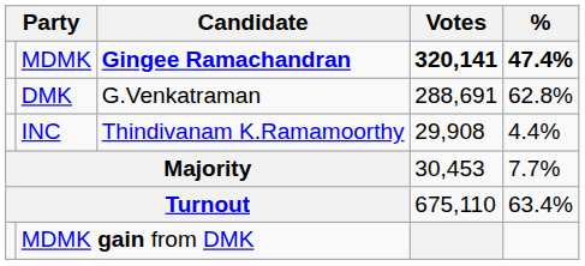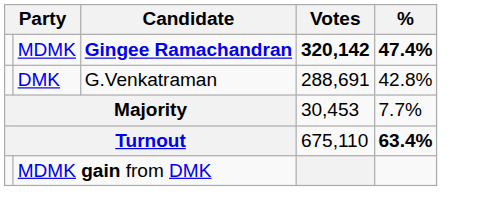 <table class="wikitable">
 <tr>
 <th colspan="2">Party</th>
 <th>Candidate</th>
 <th>Votes</th>
 <th>%</th>
 </tr>
 <tr>
 <td></td>
 <td><a href='#'>MDMK</a></td>
 <td><a href='#'><strong>Gingee</strong> <strong>Ramachandran</strong></a></td>
-<td><strong>320,141</strong></td>
+<td><strong>320,142</strong></td>
 <td><strong>47.4%</strong></td>
 </tr>
 <tr>
 <td></td>
 <td><a href='#'>DMK</a></td>
 <td>G.Venkatraman</td>
 <td>288,691</td>
-<td>62.8%</td>
-</tr>
-<tr>
-<td></td>
-<td><a href='#'>INC</a></td>
-<td><a href='#'>Thindivanam K.Ramamoorthy</a></td>
-<td>29,908</td>
-<td>4.4%</td>
+<td>42.8%</td>
 </tr>
 <tr>
 <th colspan="3">Majority</th>
 <td>30,453</td>
 <td>7.7%</td>
 </tr>
 <tr>
 <th colspan="3"><a href='#'>Turnout</a></th>
 <td>675,110</td>
-<td>63.4%</td>
+<td><strong>63.4%</strong></td>
 </tr>
 <tr>
 <td></td>
 <td colspan="2"><a href='#'>MDMK</a> <strong>gain</strong> from <a href='#'>DMK</a></td>
 <th></th>
 <td></td>
 </tr>
 </table>
